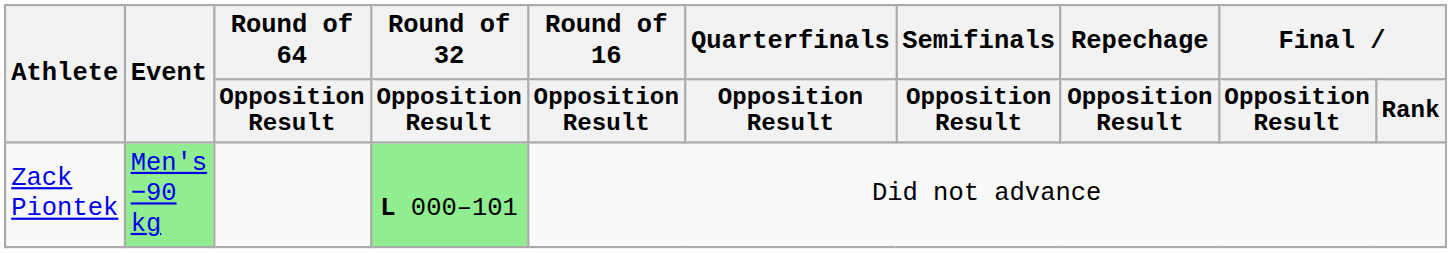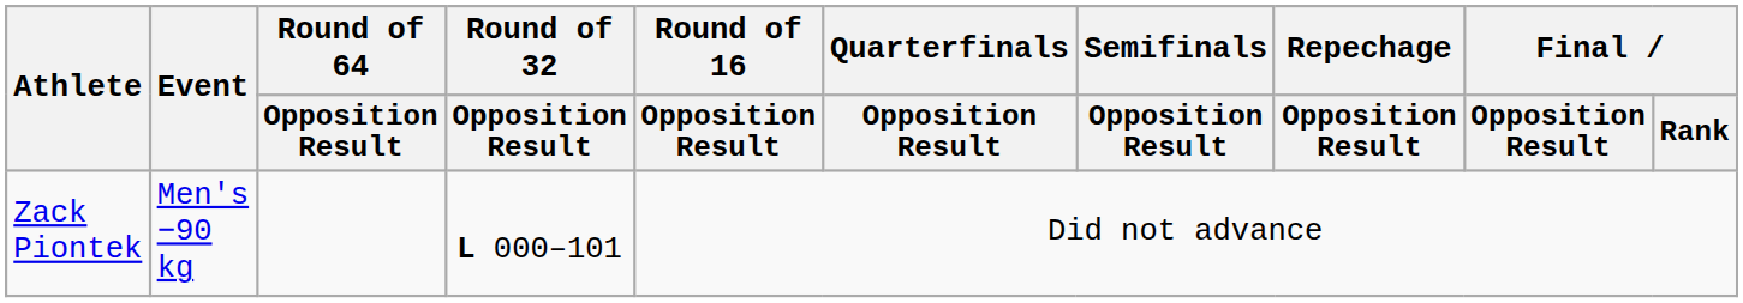 <table class="wikitable" style="font-size:90%">
 <tr>
 <th rowspan="2">Athlete</th>
 <th rowspan="2">Event</th>
 <th>Round of 64</th>
 <th>Round of 32</th>
 <th>Round of 16</th>
 <th>Quarterfinals</th>
 <th>Semifinals</th>
 <th>Repechage</th>
 <th colspan=2>Final / </th>
 </tr>
 <tr style="font-size:95%">
 <th>Opposition<br>Result</th>
 <th>Opposition<br>Result</th>
 <th>Opposition<br>Result</th>
 <th>Opposition<br>Result</th>
 <th>Opposition<br>Result</th>
 <th>Opposition<br>Result</th>
 <th>Opposition<br>Result</th>
 <th>Rank</th>
 </tr>
 <tr align=center>
 <td align=left><a href='#'>Zack Piontek</a></td>
-<td align=left style="background: lightgreen;"><a href='#'>Men's −90 kg</a></td>
+<td align=left><a href='#'>Men's −90 kg</a></td>
 <td></td>
-<td style="background: lightgreen;"><br><strong>L</strong> 000–101</td>
+<td><br><strong>L</strong> 000–101</td>
 <td colspan=6>Did not advance</td>
 </tr>
 </table>
